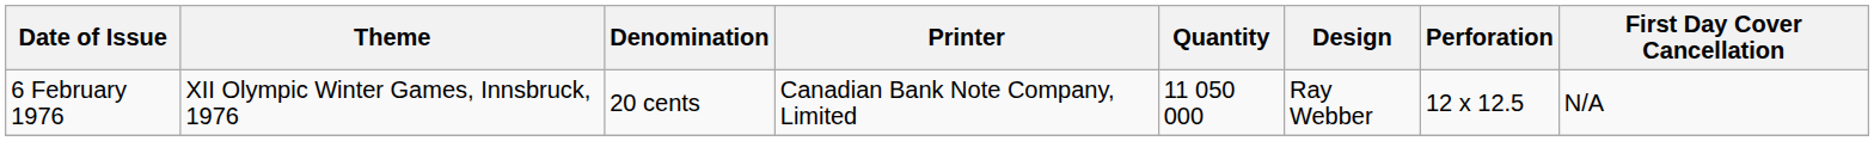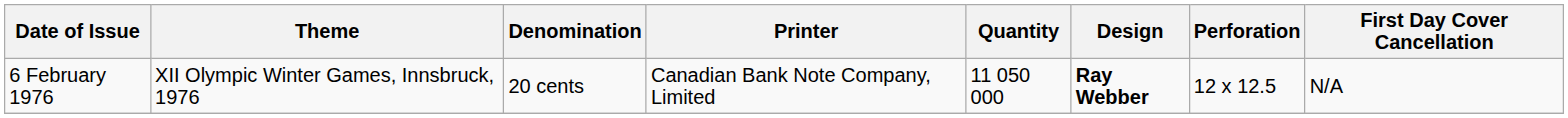 <table class="wikitable sortable">
 <tr>
 <th>Date of Issue</th>
 <th>Theme</th>
 <th>Denomination</th>
 <th>Printer</th>
 <th>Quantity</th>
 <th>Design</th>
 <th>Perforation</th>
 <th>First Day Cover Cancellation</th>
 </tr>
 <tr>
 <td>6 February 1976</td>
 <td>XII Olympic Winter Games, Innsbruck, 1976</td>
 <td>20 cents</td>
 <td>Canadian Bank Note Company, Limited</td>
 <td>11 050 000</td>
-<td>Ray Webber</td>
+<td><strong>Ray Webber</strong></td>
 <td>12 x 12.5</td>
 <td>N/A</td>
 </tr>
 <tr>
 </tr>
 </table>
